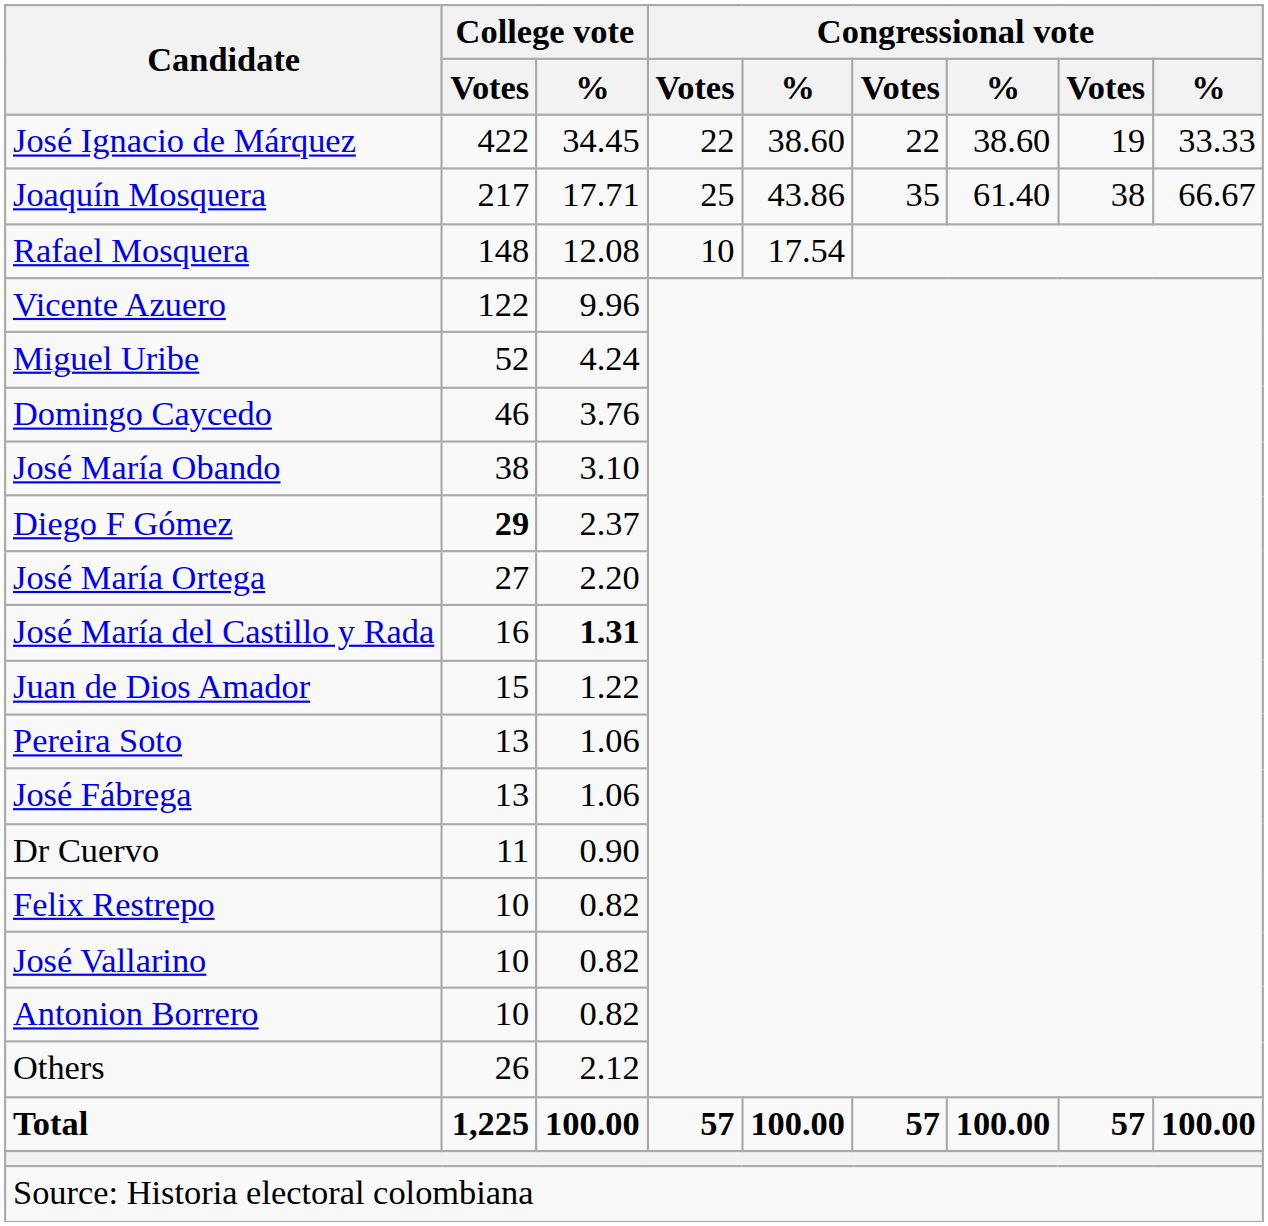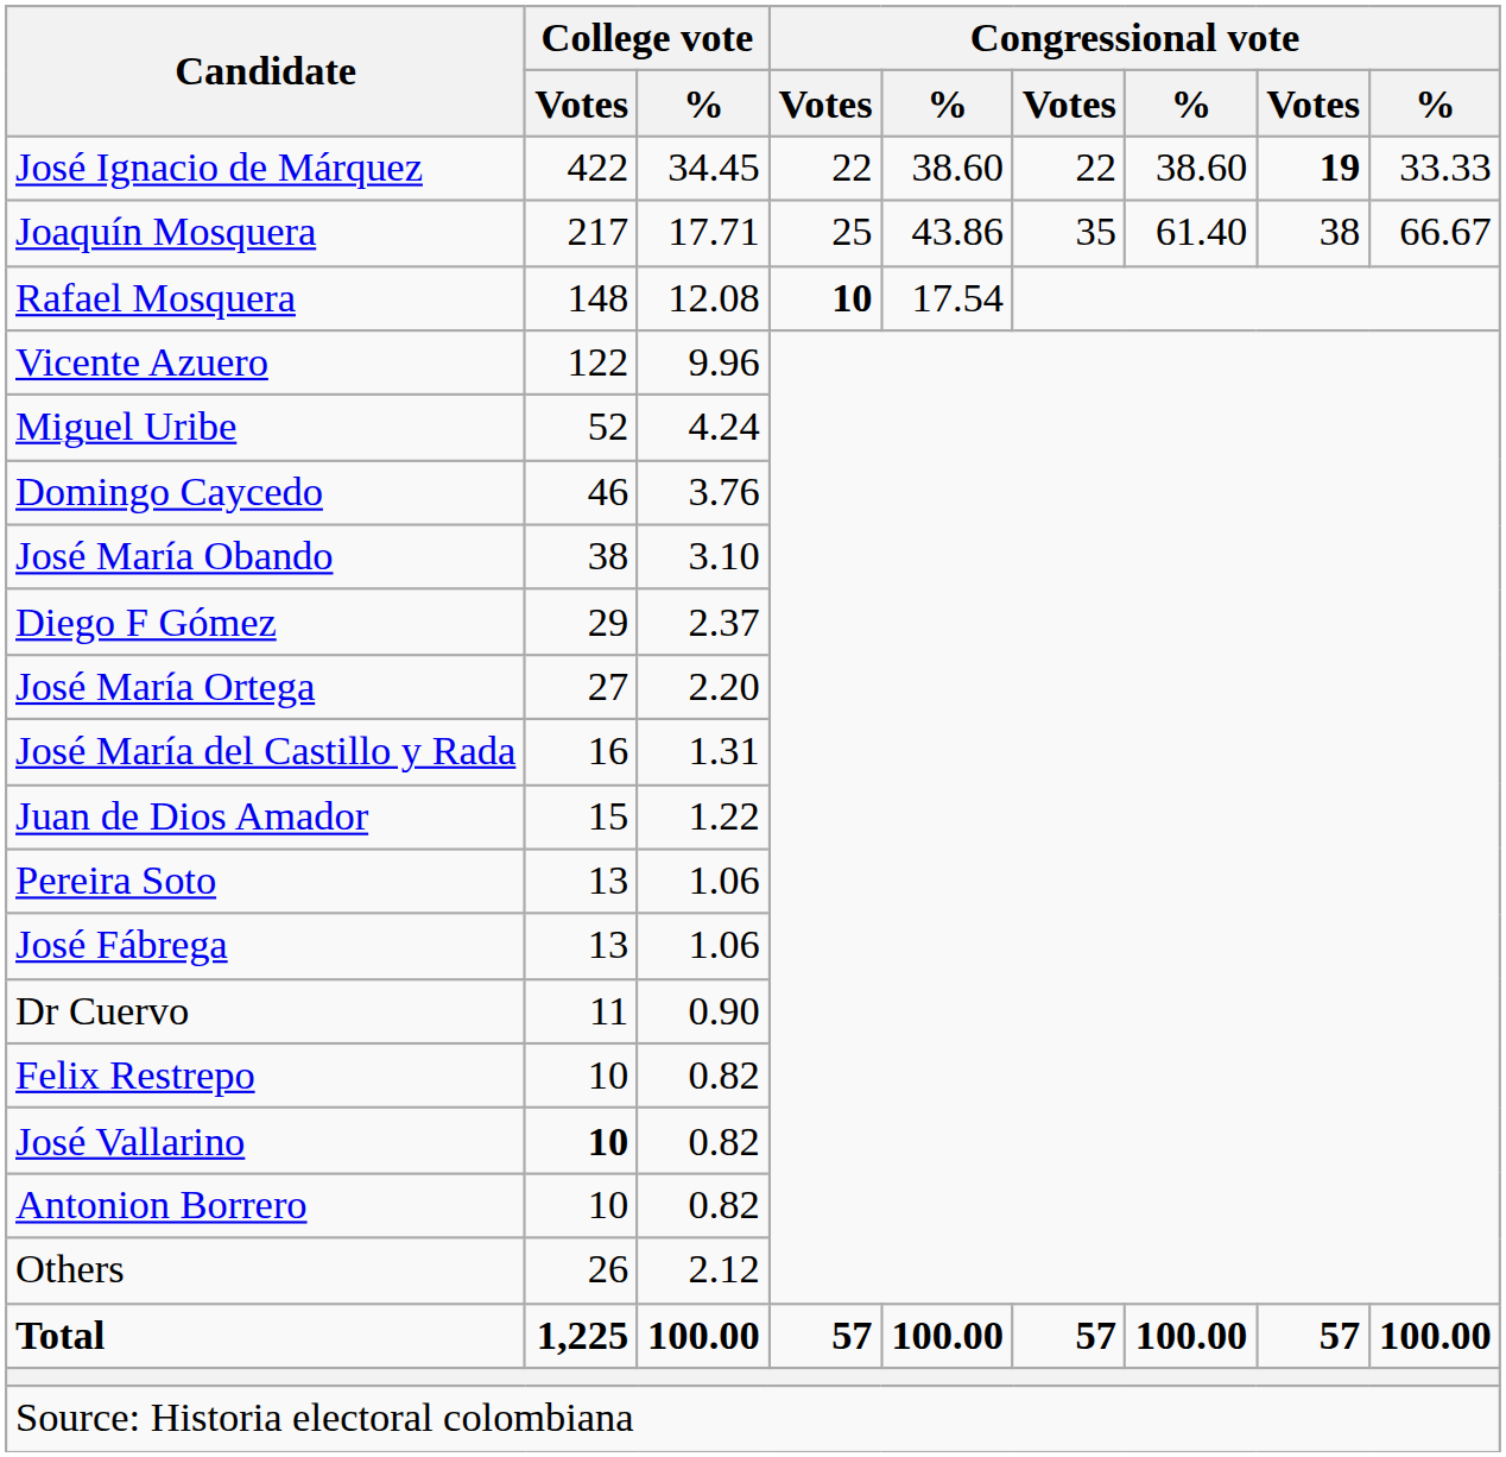 <table class="wikitable sortable" style=text-align:right>
 <tr>
 <th rowspan=2>Candidate</th>
 <th colspan=2>College vote</th>
 <th colspan=6>Congressional vote</th>
 </tr>
 <tr>
 <th>Votes</th>
 <th>%</th>
 <th>Votes</th>
 <th>%</th>
 <th>Votes</th>
 <th>%</th>
 <th>Votes</th>
 <th>%</th>
 </tr>
 <tr>
 <td align=left><a href='#'>José Ignacio de Márquez</a></td>
 <td>422</td>
 <td>34.45</td>
 <td>22</td>
 <td>38.60</td>
 <td>22</td>
 <td>38.60</td>
-<td>19</td>
+<td><strong>19</strong></td>
 <td>33.33</td>
 </tr>
 <tr>
 <td align=left><a href='#'>Joaquín Mosquera</a></td>
 <td>217</td>
 <td>17.71</td>
 <td>25</td>
 <td>43.86</td>
 <td>35</td>
 <td>61.40</td>
 <td>38</td>
 <td>66.67</td>
 </tr>
 <tr>
 <td align=left><a href='#'>Rafael Mosquera</a></td>
 <td>148</td>
 <td>12.08</td>
-<td>10</td>
+<td><strong>10</strong></td>
 <td>17.54</td>
 <td colspan=4></td>
 </tr>
 <tr>
 <td align=left><a href='#'>Vicente Azuero</a></td>
 <td>122</td>
 <td>9.96</td>
 <td colspan=6 rowspan=15></td>
 </tr>
 <tr>
 <td align=left><a href='#'>Miguel Uribe</a></td>
 <td>52</td>
 <td>4.24</td>
 </tr>
 <tr>
 <td align=left><a href='#'>Domingo Caycedo</a></td>
 <td>46</td>
 <td>3.76</td>
 </tr>
 <tr>
 <td align=left><a href='#'>José María Obando</a></td>
 <td>38</td>
 <td>3.10</td>
 </tr>
 <tr>
 <td align=left><a href='#'>Diego F Gómez</a></td>
-<td><strong>29</strong></td>
+<td>29</td>
 <td>2.37</td>
 </tr>
 <tr>
 <td align=left><a href='#'>José María Ortega</a></td>
 <td>27</td>
 <td>2.20</td>
 </tr>
 <tr>
 <td align=left><a href='#'>José María del Castillo y Rada</a></td>
 <td>16</td>
-<td><strong>1.31</strong></td>
+<td>1.31</td>
 </tr>
 <tr>
 <td align=left><a href='#'>Juan de Dios Amador</a></td>
 <td>15</td>
 <td>1.22</td>
 </tr>
 <tr>
 <td align=left><a href='#'>Pereira Soto</a></td>
 <td>13</td>
 <td>1.06</td>
 </tr>
 <tr>
 <td align=left><a href='#'>José Fábrega</a></td>
 <td>13</td>
 <td>1.06</td>
 </tr>
 <tr>
 <td align=left>Dr Cuervo</td>
 <td>11</td>
 <td>0.90</td>
 </tr>
 <tr>
 <td align=left><a href='#'>Felix Restrepo</a></td>
 <td>10</td>
 <td>0.82</td>
 </tr>
 <tr>
 <td align=left><a href='#'>José Vallarino</a></td>
-<td>10</td>
+<td><strong>10</strong></td>
 <td>0.82</td>
 </tr>
 <tr>
 <td align=left><a href='#'>Antonion Borrero</a></td>
 <td>10</td>
 <td>0.82</td>
 </tr>
 <tr>
 <td align=left>Others</td>
 <td>26</td>
 <td>2.12</td>
 </tr>
 <tr class=sortbottom>
 <td align=left><strong>Total</strong></td>
 <td><strong>1,225</strong></td>
 <td><strong>100.00</strong></td>
 <td><strong>57</strong></td>
 <td><strong>100.00</strong></td>
 <td><strong>57</strong></td>
 <td><strong>100.00</strong></td>
 <td><strong>57</strong></td>
 <td><strong>100.00</strong></td>
 </tr>
 <tr class=sortbottom>
 <th colspan=9></th>
 </tr>
 <tr class=sortbottom>
 <td align=left colspan=9>Source: Historia electoral colombiana</td>
 </tr>
 </table>
